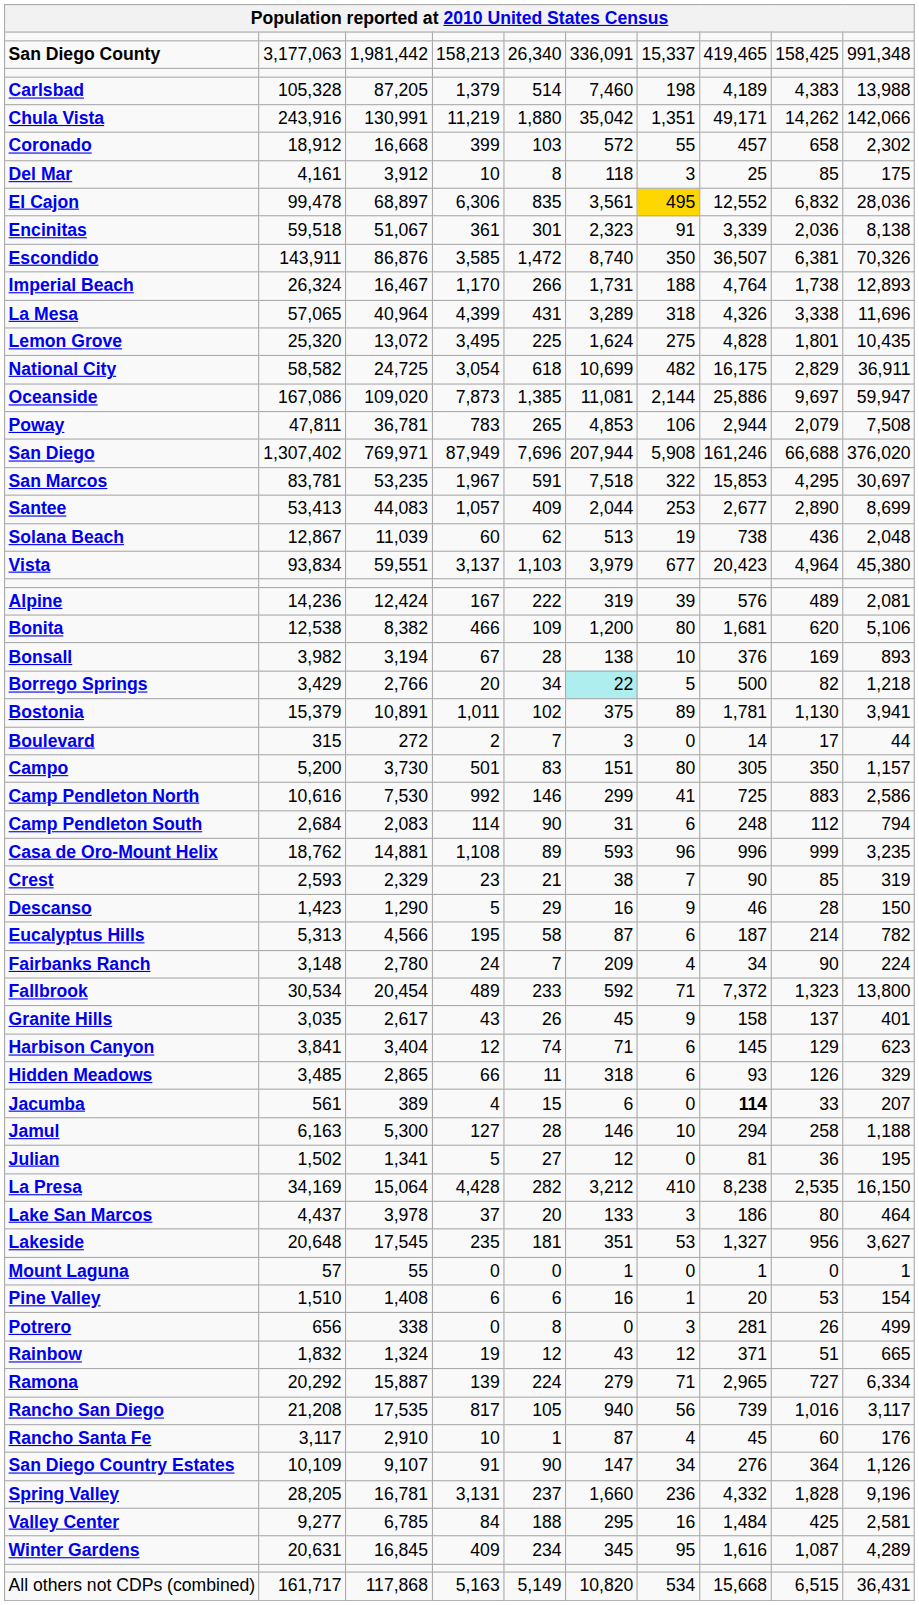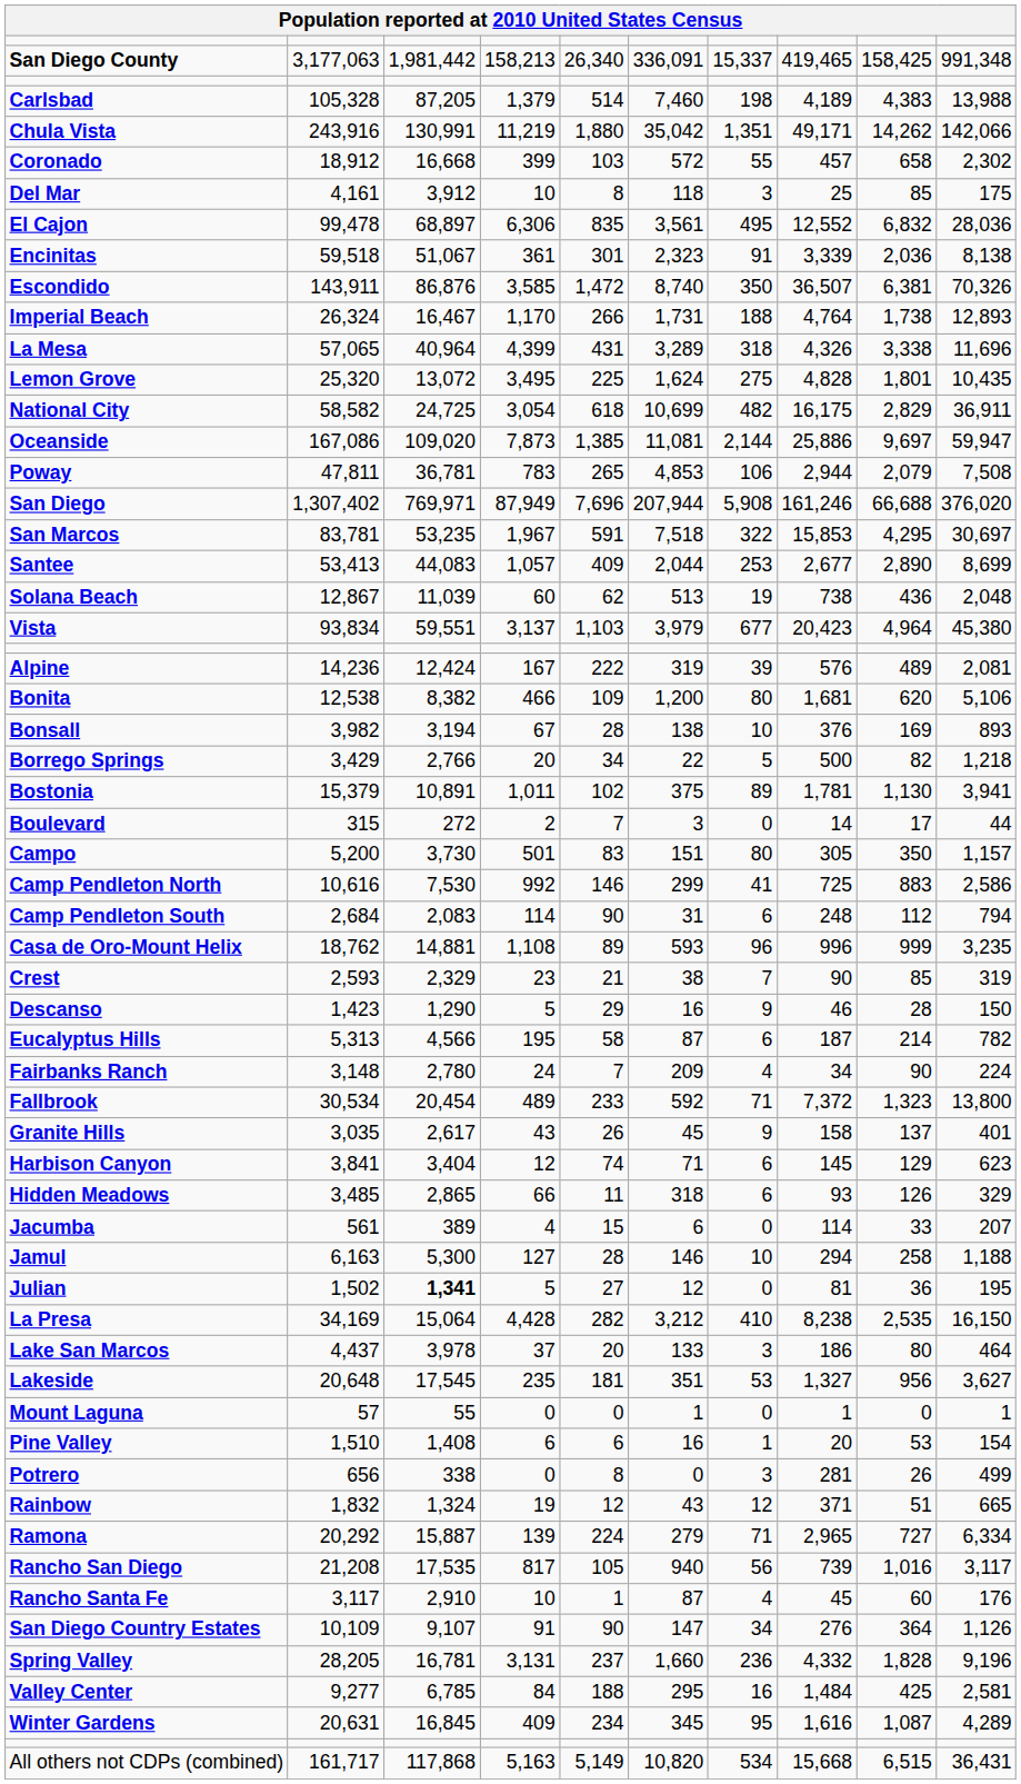 <table class="wikitable collapsible collapsed">
 <tr>
 <th colspan=10>Population reported at <a href='#'>2010 United States Census</a></th>
 </tr>
 <tr>
 <td></td>
 <td></td>
 <td></td>
 <td></td>
 <td></td>
 <td></td>
 <td></td>
 <td></td>
 <td></td>
 <td></td>
 </tr>
 <tr>
 <td><strong> San Diego County</strong></td>
 <td align="right">3,177,063</td>
 <td align="right">1,981,442</td>
 <td align="right">158,213</td>
 <td align="right">26,340</td>
 <td align="right">336,091</td>
 <td align="right">15,337</td>
 <td align="right">419,465</td>
 <td align="right">158,425</td>
 <td align="right">991,348</td>
 </tr>
 <tr>
 <td></td>
 <td></td>
 <td></td>
 <td></td>
 <td></td>
 <td></td>
 <td></td>
 <td></td>
 <td></td>
 <td></td>
 </tr>
 <tr>
 <td><strong><a href='#'>Carlsbad</a></strong></td>
 <td align="right">105,328</td>
 <td align="right">87,205</td>
 <td align="right">1,379</td>
 <td align="right">514</td>
 <td align="right">7,460</td>
 <td align="right">198</td>
 <td align="right">4,189</td>
 <td align="right">4,383</td>
 <td align="right">13,988</td>
 </tr>
 <tr>
 <td><strong><a href='#'>Chula Vista</a></strong></td>
 <td align="right">243,916</td>
 <td align="right">130,991</td>
 <td align="right">11,219</td>
 <td align="right">1,880</td>
 <td align="right">35,042</td>
 <td align="right">1,351</td>
 <td align="right">49,171</td>
 <td align="right">14,262</td>
 <td align="right">142,066</td>
 </tr>
 <tr>
 <td><strong><a href='#'>Coronado</a></strong></td>
 <td align="right">18,912</td>
 <td align="right">16,668</td>
 <td align="right">399</td>
 <td align="right">103</td>
 <td align="right">572</td>
 <td align="right">55</td>
 <td align="right">457</td>
 <td align="right">658</td>
 <td align="right">2,302</td>
 </tr>
 <tr>
 <td><strong><a href='#'>Del Mar</a></strong></td>
 <td align="right">4,161</td>
 <td align="right">3,912</td>
 <td align="right">10</td>
 <td align="right">8</td>
 <td align="right">118</td>
 <td align="right">3</td>
 <td align="right">25</td>
 <td align="right">85</td>
 <td align="right">175</td>
 </tr>
 <tr>
 <td><strong><a href='#'>El Cajon</a></strong></td>
 <td align="right">99,478</td>
 <td align="right">68,897</td>
 <td align="right">6,306</td>
 <td align="right">835</td>
 <td align="right">3,561</td>
-<td align="right" style="background: gold;">495</td>
+<td align="right">495</td>
 <td align="right">12,552</td>
 <td align="right">6,832</td>
 <td align="right">28,036</td>
 </tr>
 <tr>
 <td><strong><a href='#'>Encinitas</a></strong></td>
 <td align="right">59,518</td>
 <td align="right">51,067</td>
 <td align="right">361</td>
 <td align="right">301</td>
 <td align="right">2,323</td>
 <td align="right">91</td>
 <td align="right">3,339</td>
 <td align="right">2,036</td>
 <td align="right">8,138</td>
 </tr>
 <tr>
 <td><strong><a href='#'>Escondido</a></strong></td>
 <td align="right">143,911</td>
 <td align="right">86,876</td>
 <td align="right">3,585</td>
 <td align="right">1,472</td>
 <td align="right">8,740</td>
 <td align="right">350</td>
 <td align="right">36,507</td>
 <td align="right">6,381</td>
 <td align="right">70,326</td>
 </tr>
 <tr>
 <td><strong><a href='#'>Imperial Beach</a></strong></td>
 <td align="right">26,324</td>
 <td align="right">16,467</td>
 <td align="right">1,170</td>
 <td align="right">266</td>
 <td align="right">1,731</td>
 <td align="right">188</td>
 <td align="right">4,764</td>
 <td align="right">1,738</td>
 <td align="right">12,893</td>
 </tr>
 <tr>
 <td><strong><a href='#'>La Mesa</a></strong></td>
 <td align="right">57,065</td>
 <td align="right">40,964</td>
 <td align="right">4,399</td>
 <td align="right">431</td>
 <td align="right">3,289</td>
 <td align="right">318</td>
 <td align="right">4,326</td>
 <td align="right">3,338</td>
 <td align="right">11,696</td>
 </tr>
 <tr>
 <td><strong><a href='#'>Lemon Grove</a></strong></td>
 <td align="right">25,320</td>
 <td align="right">13,072</td>
 <td align="right">3,495</td>
 <td align="right">225</td>
 <td align="right">1,624</td>
 <td align="right">275</td>
 <td align="right">4,828</td>
 <td align="right">1,801</td>
 <td align="right">10,435</td>
 </tr>
 <tr>
 <td><strong><a href='#'>National City</a></strong></td>
 <td align="right">58,582</td>
 <td align="right">24,725</td>
 <td align="right">3,054</td>
 <td align="right">618</td>
 <td align="right">10,699</td>
 <td align="right">482</td>
 <td align="right">16,175</td>
 <td align="right">2,829</td>
 <td align="right">36,911</td>
 </tr>
 <tr>
 <td><strong><a href='#'>Oceanside</a></strong></td>
 <td align="right">167,086</td>
 <td align="right">109,020</td>
 <td align="right">7,873</td>
 <td align="right">1,385</td>
 <td align="right">11,081</td>
 <td align="right">2,144</td>
 <td align="right">25,886</td>
 <td align="right">9,697</td>
 <td align="right">59,947</td>
 </tr>
 <tr>
 <td><strong><a href='#'>Poway</a></strong></td>
 <td align="right">47,811</td>
 <td align="right">36,781</td>
 <td align="right">783</td>
 <td align="right">265</td>
 <td align="right">4,853</td>
 <td align="right">106</td>
 <td align="right">2,944</td>
 <td align="right">2,079</td>
 <td align="right">7,508</td>
 </tr>
 <tr>
 <td><strong><a href='#'>San Diego</a></strong></td>
 <td align="right">1,307,402</td>
 <td align="right">769,971</td>
 <td align="right">87,949</td>
 <td align="right">7,696</td>
 <td align="right">207,944</td>
 <td align="right">5,908</td>
 <td align="right">161,246</td>
 <td align="right">66,688</td>
 <td align="right">376,020</td>
 </tr>
 <tr>
 <td><strong><a href='#'>San Marcos</a></strong></td>
 <td align="right">83,781</td>
 <td align="right">53,235</td>
 <td align="right">1,967</td>
 <td align="right">591</td>
 <td align="right">7,518</td>
 <td align="right">322</td>
 <td align="right">15,853</td>
 <td align="right">4,295</td>
 <td align="right">30,697</td>
 </tr>
 <tr>
 <td><strong><a href='#'>Santee</a></strong></td>
 <td align="right">53,413</td>
 <td align="right">44,083</td>
 <td align="right">1,057</td>
 <td align="right">409</td>
 <td align="right">2,044</td>
 <td align="right">253</td>
 <td align="right">2,677</td>
 <td align="right">2,890</td>
 <td align="right">8,699</td>
 </tr>
 <tr>
 <td><strong><a href='#'>Solana Beach</a></strong></td>
 <td align="right">12,867</td>
 <td align="right">11,039</td>
 <td align="right">60</td>
 <td align="right">62</td>
 <td align="right">513</td>
 <td align="right">19</td>
 <td align="right">738</td>
 <td align="right">436</td>
 <td align="right">2,048</td>
 </tr>
 <tr>
 <td><strong><a href='#'>Vista</a></strong></td>
 <td align="right">93,834</td>
 <td align="right">59,551</td>
 <td align="right">3,137</td>
 <td align="right">1,103</td>
 <td align="right">3,979</td>
 <td align="right">677</td>
 <td align="right">20,423</td>
 <td align="right">4,964</td>
 <td align="right">45,380</td>
 </tr>
 <tr>
 <td></td>
 <td></td>
 <td></td>
 <td></td>
 <td></td>
 <td></td>
 <td></td>
 <td></td>
 <td></td>
 <td></td>
 </tr>
 <tr>
 <td><strong><a href='#'>Alpine</a></strong></td>
 <td align="right">14,236</td>
 <td align="right">12,424</td>
 <td align="right">167</td>
 <td align="right">222</td>
 <td align="right">319</td>
 <td align="right">39</td>
 <td align="right">576</td>
 <td align="right">489</td>
 <td align="right">2,081</td>
 </tr>
 <tr>
 <td><strong><a href='#'>Bonita</a></strong></td>
 <td align="right">12,538</td>
 <td align="right">8,382</td>
 <td align="right">466</td>
 <td align="right">109</td>
 <td align="right">1,200</td>
 <td align="right">80</td>
 <td align="right">1,681</td>
 <td align="right">620</td>
 <td align="right">5,106</td>
 </tr>
 <tr>
 <td><strong><a href='#'>Bonsall</a></strong></td>
 <td align="right">3,982</td>
 <td align="right">3,194</td>
 <td align="right">67</td>
 <td align="right">28</td>
 <td align="right">138</td>
 <td align="right">10</td>
 <td align="right">376</td>
 <td align="right">169</td>
 <td align="right">893</td>
 </tr>
 <tr>
 <td><strong><a href='#'>Borrego Springs</a></strong></td>
 <td align="right">3,429</td>
 <td align="right">2,766</td>
 <td align="right">20</td>
 <td align="right">34</td>
-<td align="right" style="background: paleturquoise;">22</td>
+<td align="right">22</td>
 <td align="right">5</td>
 <td align="right">500</td>
 <td align="right">82</td>
 <td align="right">1,218</td>
 </tr>
 <tr>
 <td><strong><a href='#'>Bostonia</a></strong></td>
 <td align="right">15,379</td>
 <td align="right">10,891</td>
 <td align="right">1,011</td>
 <td align="right">102</td>
 <td align="right">375</td>
 <td align="right">89</td>
 <td align="right">1,781</td>
 <td align="right">1,130</td>
 <td align="right">3,941</td>
 </tr>
 <tr>
 <td><strong><a href='#'>Boulevard</a></strong></td>
 <td align="right">315</td>
 <td align="right">272</td>
 <td align="right">2</td>
 <td align="right">7</td>
 <td align="right">3</td>
 <td align="right">0</td>
 <td align="right">14</td>
 <td align="right">17</td>
 <td align="right">44</td>
 </tr>
 <tr>
 <td><strong><a href='#'>Campo</a></strong></td>
 <td align="right">5,200</td>
 <td align="right">3,730</td>
 <td align="right">501</td>
 <td align="right">83</td>
 <td align="right">151</td>
 <td align="right">80</td>
 <td align="right">305</td>
 <td align="right">350</td>
 <td align="right">1,157</td>
 </tr>
 <tr>
 <td><strong><a href='#'>Camp Pendleton North</a></strong></td>
 <td align="right">10,616</td>
 <td align="right">7,530</td>
 <td align="right">992</td>
 <td align="right">146</td>
 <td align="right">299</td>
 <td align="right">41</td>
 <td align="right">725</td>
 <td align="right">883</td>
 <td align="right">2,586</td>
 </tr>
 <tr>
 <td><strong><a href='#'>Camp Pendleton South</a></strong></td>
 <td align="right">2,684</td>
 <td align="right">2,083</td>
 <td align="right">114</td>
 <td align="right">90</td>
 <td align="right">31</td>
 <td align="right">6</td>
 <td align="right">248</td>
 <td align="right">112</td>
 <td align="right">794</td>
 </tr>
 <tr>
 <td><strong><a href='#'>Casa de Oro-Mount Helix</a></strong></td>
 <td align="right">18,762</td>
 <td align="right">14,881</td>
 <td align="right">1,108</td>
 <td align="right">89</td>
 <td align="right">593</td>
 <td align="right">96</td>
 <td align="right">996</td>
 <td align="right">999</td>
 <td align="right">3,235</td>
 </tr>
 <tr>
 <td><strong><a href='#'>Crest</a></strong></td>
 <td align="right">2,593</td>
 <td align="right">2,329</td>
 <td align="right">23</td>
 <td align="right">21</td>
 <td align="right">38</td>
 <td align="right">7</td>
 <td align="right">90</td>
 <td align="right">85</td>
 <td align="right">319</td>
 </tr>
 <tr>
 <td><strong><a href='#'>Descanso</a></strong></td>
 <td align="right">1,423</td>
 <td align="right">1,290</td>
 <td align="right">5</td>
 <td align="right">29</td>
 <td align="right">16</td>
 <td align="right">9</td>
 <td align="right">46</td>
 <td align="right">28</td>
 <td align="right">150</td>
 </tr>
 <tr>
 <td><strong><a href='#'>Eucalyptus Hills</a></strong></td>
 <td align="right">5,313</td>
 <td align="right">4,566</td>
 <td align="right">195</td>
 <td align="right">58</td>
 <td align="right">87</td>
 <td align="right">6</td>
 <td align="right">187</td>
 <td align="right">214</td>
 <td align="right">782</td>
 </tr>
 <tr>
 <td><strong><a href='#'>Fairbanks Ranch</a></strong></td>
 <td align="right">3,148</td>
 <td align="right">2,780</td>
 <td align="right">24</td>
 <td align="right">7</td>
 <td align="right">209</td>
 <td align="right">4</td>
 <td align="right">34</td>
 <td align="right">90</td>
 <td align="right">224</td>
 </tr>
 <tr>
 <td><strong><a href='#'>Fallbrook</a></strong></td>
 <td align="right">30,534</td>
 <td align="right">20,454</td>
 <td align="right">489</td>
 <td align="right">233</td>
 <td align="right">592</td>
 <td align="right">71</td>
 <td align="right">7,372</td>
 <td align="right">1,323</td>
 <td align="right">13,800</td>
 </tr>
 <tr>
 <td><strong><a href='#'>Granite Hills</a></strong></td>
 <td align="right">3,035</td>
 <td align="right">2,617</td>
 <td align="right">43</td>
 <td align="right">26</td>
 <td align="right">45</td>
 <td align="right">9</td>
 <td align="right">158</td>
 <td align="right">137</td>
 <td align="right">401</td>
 </tr>
 <tr>
 <td><strong><a href='#'>Harbison Canyon</a></strong></td>
 <td align="right">3,841</td>
 <td align="right">3,404</td>
 <td align="right">12</td>
 <td align="right">74</td>
 <td align="right">71</td>
 <td align="right">6</td>
 <td align="right">145</td>
 <td align="right">129</td>
 <td align="right">623</td>
 </tr>
 <tr>
 <td><strong><a href='#'>Hidden Meadows</a></strong></td>
 <td align="right">3,485</td>
 <td align="right">2,865</td>
 <td align="right">66</td>
 <td align="right">11</td>
 <td align="right">318</td>
 <td align="right">6</td>
 <td align="right">93</td>
 <td align="right">126</td>
 <td align="right">329</td>
 </tr>
 <tr>
 <td><strong><a href='#'>Jacumba</a></strong></td>
 <td align="right">561</td>
 <td align="right">389</td>
 <td align="right">4</td>
 <td align="right">15</td>
 <td align="right">6</td>
 <td align="right">0</td>
-<td align="right"><strong>114</strong></td>
+<td align="right">114</td>
 <td align="right">33</td>
 <td align="right">207</td>
 </tr>
 <tr>
 <td><strong><a href='#'>Jamul</a></strong></td>
 <td align="right">6,163</td>
 <td align="right">5,300</td>
 <td align="right">127</td>
 <td align="right">28</td>
 <td align="right">146</td>
 <td align="right">10</td>
 <td align="right">294</td>
 <td align="right">258</td>
 <td align="right">1,188</td>
 </tr>
 <tr>
 <td><strong><a href='#'>Julian</a></strong></td>
 <td align="right">1,502</td>
-<td align="right">1,341</td>
+<td align="right"><strong>1,341</strong></td>
 <td align="right">5</td>
 <td align="right">27</td>
 <td align="right">12</td>
 <td align="right">0</td>
 <td align="right">81</td>
 <td align="right">36</td>
 <td align="right">195</td>
 </tr>
 <tr>
 <td><strong><a href='#'>La Presa</a></strong></td>
 <td align="right">34,169</td>
 <td align="right">15,064</td>
 <td align="right">4,428</td>
 <td align="right">282</td>
 <td align="right">3,212</td>
 <td align="right">410</td>
 <td align="right">8,238</td>
 <td align="right">2,535</td>
 <td align="right">16,150</td>
 </tr>
 <tr>
 <td><strong><a href='#'>Lake San Marcos</a></strong></td>
 <td align="right">4,437</td>
 <td align="right">3,978</td>
 <td align="right">37</td>
 <td align="right">20</td>
 <td align="right">133</td>
 <td align="right">3</td>
 <td align="right">186</td>
 <td align="right">80</td>
 <td align="right">464</td>
 </tr>
 <tr>
 <td><strong><a href='#'>Lakeside</a></strong></td>
 <td align="right">20,648</td>
 <td align="right">17,545</td>
 <td align="right">235</td>
 <td align="right">181</td>
 <td align="right">351</td>
 <td align="right">53</td>
 <td align="right">1,327</td>
 <td align="right">956</td>
 <td align="right">3,627</td>
 </tr>
 <tr>
 <td><strong><a href='#'>Mount Laguna</a></strong></td>
 <td align="right">57</td>
 <td align="right">55</td>
 <td align="right">0</td>
 <td align="right">0</td>
 <td align="right">1</td>
 <td align="right">0</td>
 <td align="right">1</td>
 <td align="right">0</td>
 <td align="right">1</td>
 </tr>
 <tr>
 <td><strong><a href='#'>Pine Valley</a></strong></td>
 <td align="right">1,510</td>
 <td align="right">1,408</td>
 <td align="right">6</td>
 <td align="right">6</td>
 <td align="right">16</td>
 <td align="right">1</td>
 <td align="right">20</td>
 <td align="right">53</td>
 <td align="right">154</td>
 </tr>
 <tr>
 <td><strong><a href='#'>Potrero</a></strong></td>
 <td align="right">656</td>
 <td align="right">338</td>
 <td align="right">0</td>
 <td align="right">8</td>
 <td align="right">0</td>
 <td align="right">3</td>
 <td align="right">281</td>
 <td align="right">26</td>
 <td align="right">499</td>
 </tr>
 <tr>
 <td><strong><a href='#'>Rainbow</a></strong></td>
 <td align="right">1,832</td>
 <td align="right">1,324</td>
 <td align="right">19</td>
 <td align="right">12</td>
 <td align="right">43</td>
 <td align="right">12</td>
 <td align="right">371</td>
 <td align="right">51</td>
 <td align="right">665</td>
 </tr>
 <tr>
 <td><strong><a href='#'>Ramona</a></strong></td>
 <td align="right">20,292</td>
 <td align="right">15,887</td>
 <td align="right">139</td>
 <td align="right">224</td>
 <td align="right">279</td>
 <td align="right">71</td>
 <td align="right">2,965</td>
 <td align="right">727</td>
 <td align="right">6,334</td>
 </tr>
 <tr>
 <td><strong><a href='#'>Rancho San Diego</a></strong></td>
 <td align="right">21,208</td>
 <td align="right">17,535</td>
 <td align="right">817</td>
 <td align="right">105</td>
 <td align="right">940</td>
 <td align="right">56</td>
 <td align="right">739</td>
 <td align="right">1,016</td>
 <td align="right">3,117</td>
 </tr>
 <tr>
 <td><strong><a href='#'>Rancho Santa Fe</a></strong></td>
 <td align="right">3,117</td>
 <td align="right">2,910</td>
 <td align="right">10</td>
 <td align="right">1</td>
 <td align="right">87</td>
 <td align="right">4</td>
 <td align="right">45</td>
 <td align="right">60</td>
 <td align="right">176</td>
 </tr>
 <tr>
 <td><strong><a href='#'>San Diego Country Estates</a></strong></td>
 <td align="right">10,109</td>
 <td align="right">9,107</td>
 <td align="right">91</td>
 <td align="right">90</td>
 <td align="right">147</td>
 <td align="right">34</td>
 <td align="right">276</td>
 <td align="right">364</td>
 <td align="right">1,126</td>
 </tr>
 <tr>
 <td><strong><a href='#'>Spring Valley</a></strong></td>
 <td align="right">28,205</td>
 <td align="right">16,781</td>
 <td align="right">3,131</td>
 <td align="right">237</td>
 <td align="right">1,660</td>
 <td align="right">236</td>
 <td align="right">4,332</td>
 <td align="right">1,828</td>
 <td align="right">9,196</td>
 </tr>
 <tr>
 <td><strong><a href='#'>Valley Center</a></strong></td>
 <td align="right">9,277</td>
 <td align="right">6,785</td>
 <td align="right">84</td>
 <td align="right">188</td>
 <td align="right">295</td>
 <td align="right">16</td>
 <td align="right">1,484</td>
 <td align="right">425</td>
 <td align="right">2,581</td>
 </tr>
 <tr>
 <td><strong><a href='#'>Winter Gardens</a></strong></td>
 <td align="right">20,631</td>
 <td align="right">16,845</td>
 <td align="right">409</td>
 <td align="right">234</td>
 <td align="right">345</td>
 <td align="right">95</td>
 <td align="right">1,616</td>
 <td align="right">1,087</td>
 <td align="right">4,289</td>
 </tr>
 <tr>
 <td></td>
 <td></td>
 <td></td>
 <td></td>
 <td></td>
 <td></td>
 <td></td>
 <td></td>
 <td></td>
 <td></td>
 </tr>
 <tr>
 <td>All others not CDPs (combined)</td>
 <td align="right">161,717</td>
 <td align="right">117,868</td>
 <td align="right">5,163</td>
 <td align="right">5,149</td>
 <td align="right">10,820</td>
 <td align="right">534</td>
 <td align="right">15,668</td>
 <td align="right">6,515</td>
 <td align="right">36,431</td>
 </tr>
 </table>
